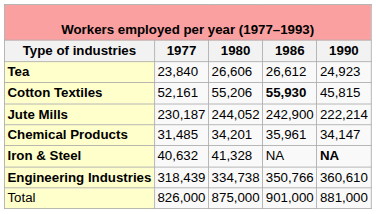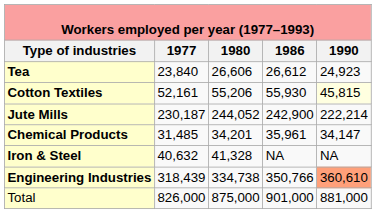 <table class="wikitable">
 <tr>
 <th colspan="8" style="background: #FAA0A0;"><br>Workers employed per year (1977–1993)</th>
 </tr>
 <tr>
 <th>Type of industries</th>
 <th><strong>1977</strong></th>
 <th><strong>1980</strong></th>
 <th><strong>1986</strong></th>
 <th><strong>1990</strong></th>
 </tr>
 <tr>
 <td style="background:#FFFFCC;"><strong>Tea</strong></td>
 <td>23,840</td>
 <td>26,606</td>
 <td>26,612</td>
 <td>24,923</td>
 </tr>
 <tr>
 <td style="background:#FFFFCC;"><strong>Cotton Textiles</strong></td>
 <td>52,161</td>
 <td>55,206</td>
-<td><strong>55,930</strong></td>
-<td>45,815</td>
+<td>55,930</td>
+<td style="background: lightyellow;">45,815</td>
 </tr>
 <tr>
 <td style="background:#FFFFCC;"><strong>Jute Mills</strong></td>
 <td>230,187</td>
 <td>244,052</td>
 <td>242,900</td>
 <td>222,214</td>
 </tr>
 <tr>
 <td style="background:#FFFFCC;"><strong>Chemical Products</strong></td>
 <td>31,485</td>
 <td>34,201</td>
 <td>35,961</td>
 <td>34,147</td>
 </tr>
 <tr>
 <td style="background:#FFFFCC;"><strong>Iron & Steel</strong></td>
 <td>40,632</td>
 <td>41,328</td>
 <td>NA</td>
-<td><strong>NA</strong></td>
+<td>NA</td>
 </tr>
 <tr>
 <td style="background:#FFFFCC;"><strong>Engineering Industries</strong></td>
 <td>318,439</td>
 <td>334,738</td>
 <td>350,766</td>
-<td>360,610</td>
+<td style="background: lightsalmon;">360,610</td>
 </tr>
 <tr>
 <td style="background:#FFFFCC;">Total</td>
 <td>826,000</td>
 <td>875,000</td>
 <td>901,000</td>
 <td>881,000</td>
 </tr>
 </table>
